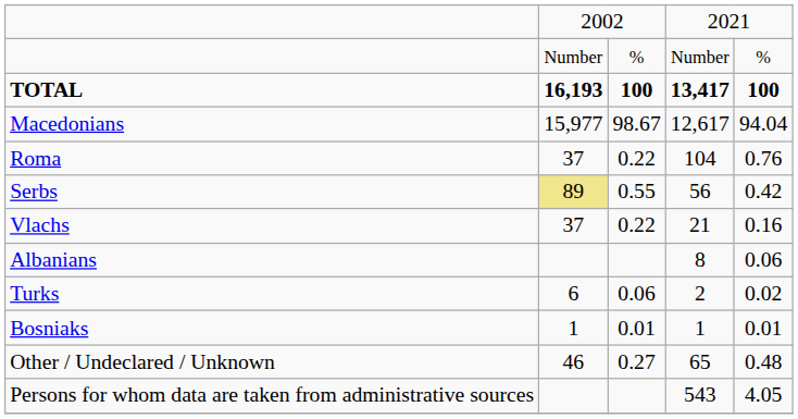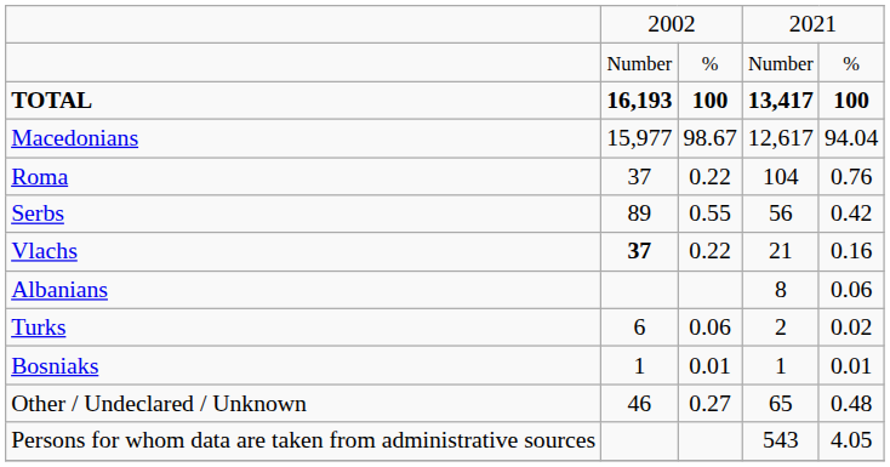 <table class="wikitable">
 <tr>
 <td></td>
 <td colspan="2" align="center">2002</td>
 <td colspan="2" align="center">2021</td>
 </tr>
 <tr>
 <td></td>
 <td align="center"><small>Number</small></td>
 <td align="center"><small>%</small></td>
 <td align="center"><small>Number</small></td>
 <td align="center"><small>%</small></td>
 </tr>
 <tr>
 <td><strong>TOTAL</strong></td>
 <td align="center"><strong>16,193</strong></td>
 <td align="center"><strong>100</strong></td>
 <td align="center"><strong>13,417</strong></td>
 <td align="center"><strong>100</strong></td>
 </tr>
 <tr>
 <td><a href='#'>Macedonians</a></td>
 <td align="center">15,977</td>
 <td align="center">98.67</td>
 <td align="center">12,617</td>
 <td align="center">94.04</td>
 </tr>
 <tr>
 <td><a href='#'>Roma</a></td>
 <td align="center">37</td>
 <td align="center">0.22</td>
 <td align="center">104</td>
 <td align="center">0.76</td>
 </tr>
 <tr>
 <td><a href='#'>Serbs</a></td>
-<td align="center" style="background: khaki;">89</td>
+<td align="center">89</td>
 <td align="center">0.55</td>
 <td align="center">56</td>
 <td align="center">0.42</td>
 </tr>
 <tr>
 <td><a href='#'>Vlachs</a></td>
-<td align="center">37</td>
+<td align="center"><strong>37</strong></td>
 <td align="center">0.22</td>
 <td align="center">21</td>
 <td align="center">0.16</td>
 </tr>
 <tr>
 <td><a href='#'>Albanians</a></td>
 <td align="center"></td>
 <td align="center"></td>
 <td align="center">8</td>
 <td align="center">0.06</td>
 </tr>
 <tr>
 <td><a href='#'>Turks</a></td>
 <td align="center">6</td>
 <td align="center">0.06</td>
 <td align="center">2</td>
 <td align="center">0.02</td>
 </tr>
 <tr>
 <td><a href='#'>Bosniaks</a></td>
 <td align="center">1</td>
 <td align="center">0.01</td>
 <td align="center">1</td>
 <td align="center">0.01</td>
 </tr>
 <tr>
 <td>Other / Undeclared / Unknown</td>
 <td align="center">46</td>
 <td align="center">0.27</td>
 <td align="center">65</td>
 <td align="center">0.48</td>
 </tr>
 <tr>
 <td>Persons for whom data are taken from administrative sources</td>
 <td></td>
 <td></td>
 <td align="center">543</td>
 <td align="center">4.05</td>
 </tr>
 <tr>
 </tr>
 </table>
